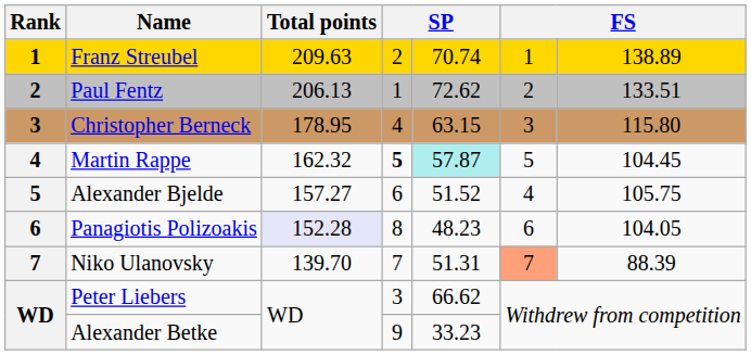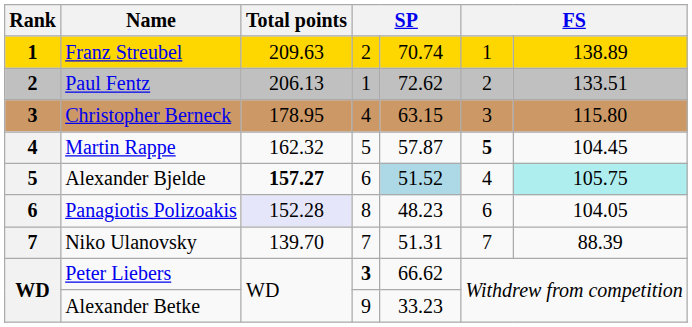 <table class="wikitable sortable">
 <tr>
 <th>Rank</th>
 <th>Name</th>
 <th>Total points</th>
 <th colspan="2" width="80px"><a href='#'>SP</a></th>
 <th colspan="2" width="80px"><a href='#'>FS</a></th>
 </tr>
 <tr bgcolor="gold">
 <td align="center"><strong>1</strong></td>
 <td><a href='#'>Franz Streubel</a></td>
 <td align="center">209.63</td>
 <td align="center">2</td>
 <td align="center">70.74</td>
 <td align="center">1</td>
 <td align="center">138.89</td>
 </tr>
 <tr bgcolor="silver">
 <td align="center"><strong>2</strong></td>
 <td><a href='#'>Paul Fentz</a></td>
 <td align="center">206.13</td>
 <td align="center">1</td>
 <td align="center">72.62</td>
 <td align="center">2</td>
 <td align="center">133.51</td>
 </tr>
 <tr bgcolor="cc9966">
 <td align="center"><strong>3</strong></td>
 <td><a href='#'>Christopher Berneck</a></td>
 <td align="center">178.95</td>
 <td align="center">4</td>
 <td align="center">63.15</td>
 <td align="center">3</td>
 <td align="center">115.80</td>
 </tr>
 <tr>
 <th>4</th>
 <td><a href='#'>Martin Rappe</a></td>
 <td align="center">162.32</td>
+<td align="center">5</td>
+<td align="center">57.87</td>
 <td align="center"><strong>5</strong></td>
-<td align="center" style="background: paleturquoise;">57.87</td>
-<td align="center">5</td>
 <td align="center">104.45</td>
 </tr>
 <tr>
 <th>5</th>
 <td>Alexander Bjelde</td>
-<td align="center">157.27</td>
+<td align="center"><strong>157.27</strong></td>
 <td align="center">6</td>
-<td align="center">51.52</td>
+<td align="center" style="background: lightblue;">51.52</td>
 <td align="center">4</td>
-<td align="center">105.75</td>
+<td align="center" style="background: paleturquoise;">105.75</td>
 </tr>
 <tr>
 <th>6</th>
 <td><a href='#'>Panagiotis Polizoakis</a></td>
 <td align="center" style="background: lavender;">152.28</td>
 <td align="center">8</td>
 <td align="center">48.23</td>
 <td align="center">6</td>
 <td align="center">104.05</td>
 </tr>
 <tr>
 <th>7</th>
 <td>Niko Ulanovsky</td>
 <td align="center">139.70</td>
 <td align="center">7</td>
 <td align="center">51.31</td>
-<td align="center" style="background: lightsalmon;">7</td>
+<td align="center">7</td>
 <td align="center">88.39</td>
 </tr>
 <tr>
 <th rowspan="2">WD</th>
 <td><a href='#'>Peter Liebers</a></td>
 <td rowspan="2">WD</td>
-<td align="center">3</td>
+<td align="center"><strong>3</strong></td>
 <td align="center">66.62</td>
 <td colspan="2" rowspan="2"><em>Withdrew from competition</em></td>
 </tr>
 <tr>
 <td>Alexander Betke</td>
 <td align="center">9</td>
 <td align="center">33.23</td>
 </tr>
 </table>
